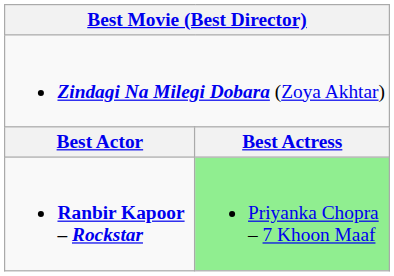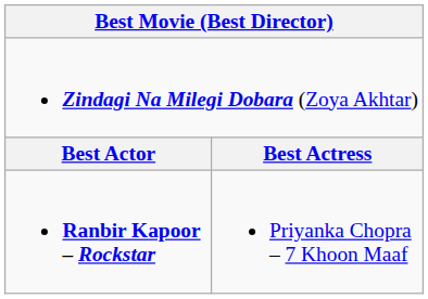 <table class="wikitable">
 <tr>
 <th colspan=2><a href='#'>Best Movie (Best Director)</a></th>
 </tr>
 <tr>
 <td colspan=2><br><ul><li><strong><em><a href='#'>Zindagi Na Milegi Dobara</a></em></strong> (<a href='#'>Zoya Akhtar</a>)</li></ul></td>
 </tr>
 <tr>
 <th><a href='#'>Best Actor</a></th>
 <th><a href='#'>Best Actress</a></th>
 </tr>
 <tr>
 <td><br><ul><li><strong><a href='#'>Ranbir Kapoor</a><br> – <em><a href='#'>Rockstar</a><strong><em></li></ul></td>
-<td style="background: lightgreen;"><br><ul><li></strong><a href='#'>Priyanka Chopra</a><br> – </em><a href='#'>7 Khoon Maaf</a></em></strong></li></ul></td>
+<td><br><ul><li></strong><a href='#'>Priyanka Chopra</a><br> – </em><a href='#'>7 Khoon Maaf</a></em></strong></li></ul></td>
 </tr>
 </table>
